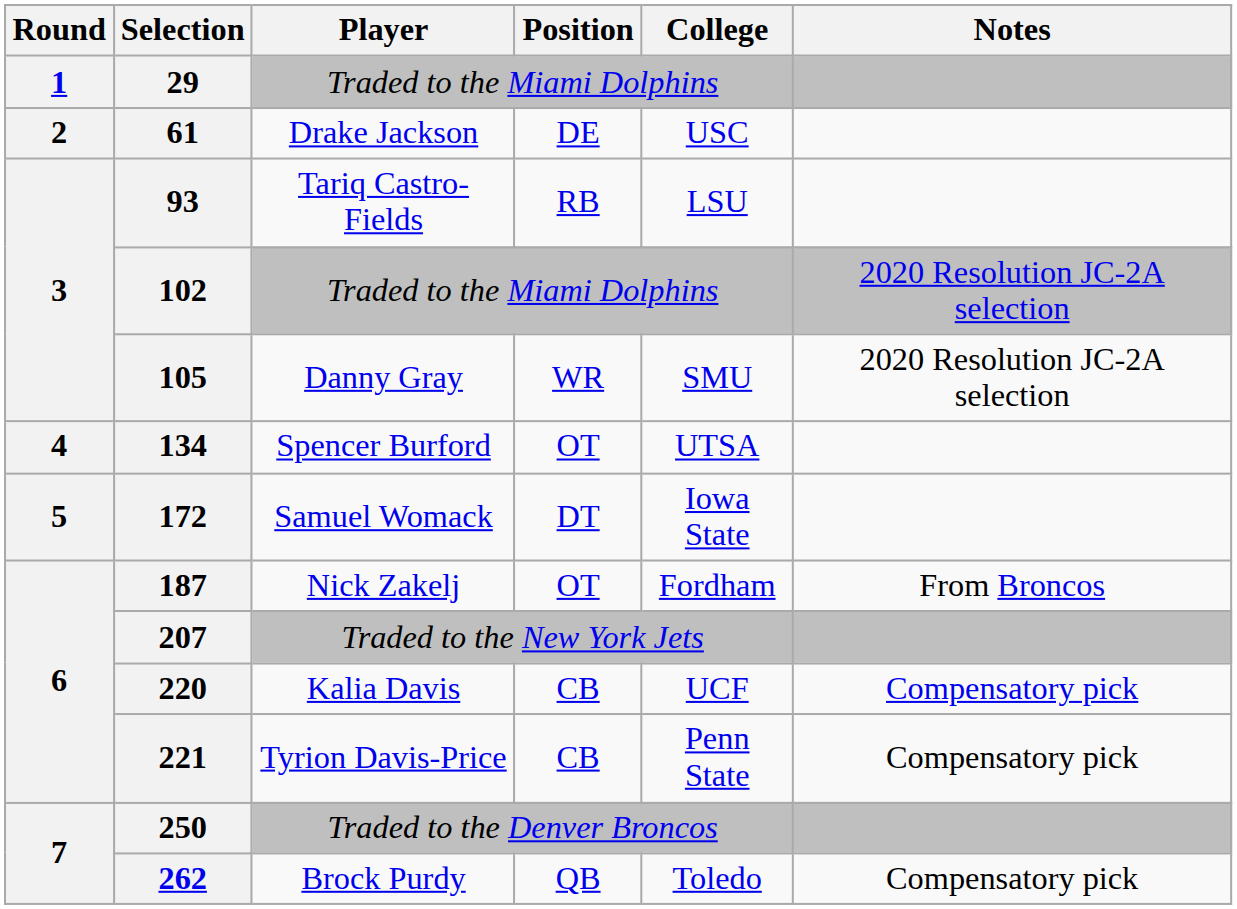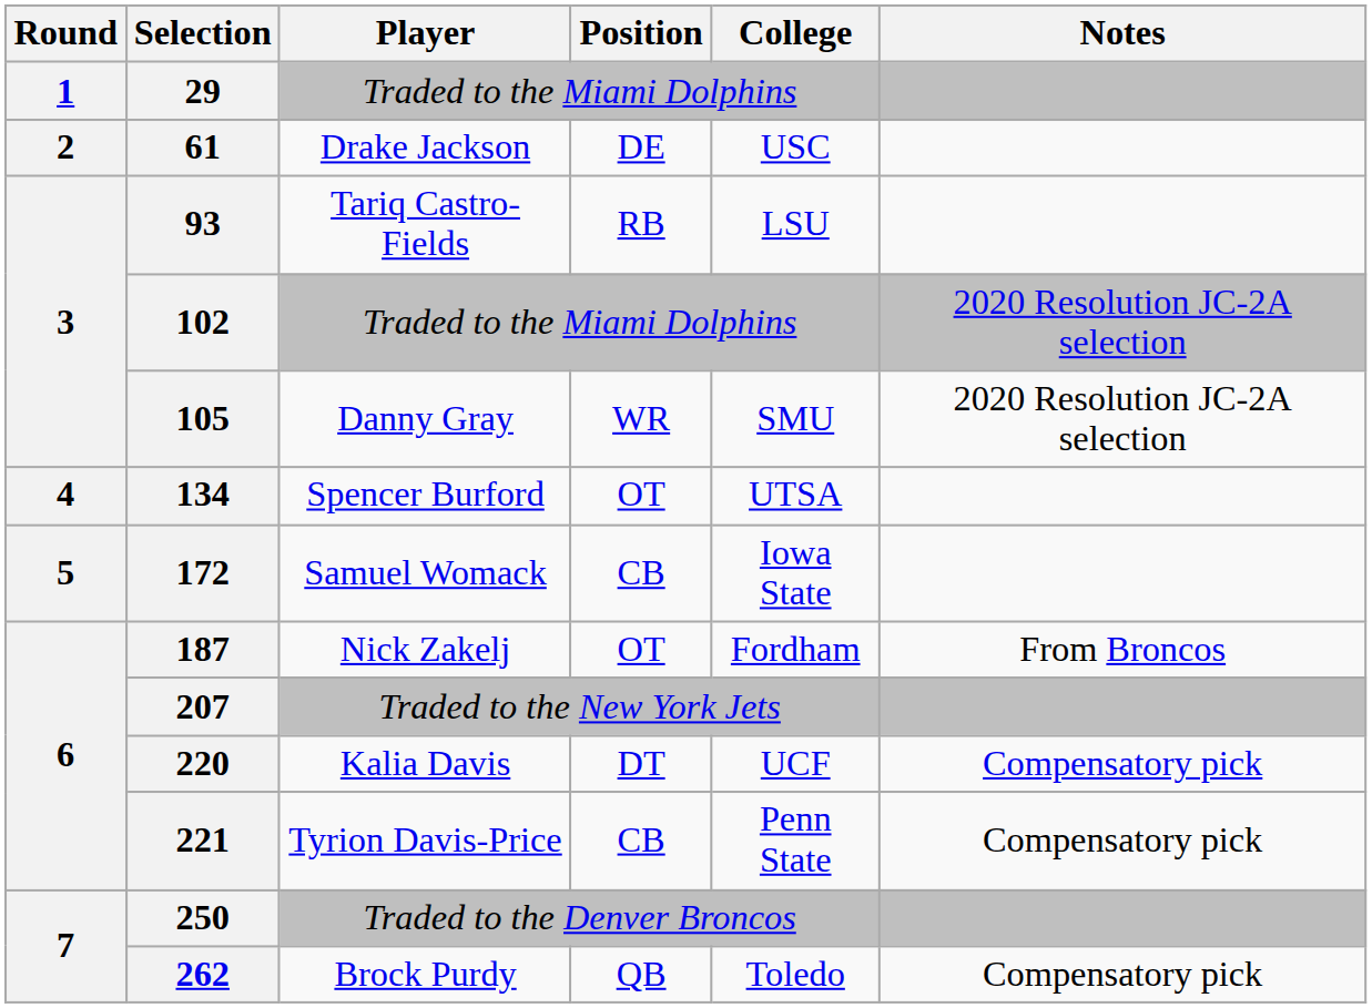 <table class="wikitable" style="text-align:center">
 <tr>
 <th>Round</th>
 <th>Selection</th>
 <th>Player</th>
 <th>Position</th>
 <th>College</th>
 <th>Notes</th>
 </tr>
 <tr>
 <th><a href='#'>1</a></th>
 <th>29</th>
 <td colspan="3" style="background:#BFBFBF"><em>Traded to the <a href='#'>Miami Dolphins</a></em></td>
 <td style="background:#BFBFBF"></td>
 </tr>
 <tr>
 <th>2</th>
 <th>61</th>
 <td><a href='#'>Drake Jackson</a></td>
 <td><a href='#'>DE</a></td>
 <td><a href='#'>USC</a></td>
 <td></td>
 </tr>
 <tr>
 <th rowspan="3">3</th>
 <th>93</th>
 <td><a href='#'>Tariq Castro-Fields</a></td>
 <td><a href='#'>RB</a></td>
 <td><a href='#'>LSU</a></td>
 <td></td>
 </tr>
 <tr>
 <th>102</th>
 <td colspan="3" style="background:#BFBFBF"><em>Traded to the <a href='#'>Miami Dolphins</a></em></td>
 <td style="background:#BFBFBF"><a href='#'>2020 Resolution JC-2A selection</a></td>
 </tr>
 <tr>
 <th>105</th>
 <td><a href='#'>Danny Gray</a></td>
 <td><a href='#'>WR</a></td>
 <td><a href='#'>SMU</a></td>
 <td>2020 Resolution JC-2A selection</td>
 </tr>
 <tr>
 <th>4</th>
 <th>134</th>
 <td><a href='#'>Spencer Burford</a></td>
 <td><a href='#'>OT</a></td>
 <td><a href='#'>UTSA</a></td>
 <td></td>
 </tr>
 <tr>
 <th>5</th>
 <th>172</th>
 <td><a href='#'>Samuel Womack</a></td>
-<td><a href='#'>DT</a></td>
+<td><a href='#'>CB</a></td>
 <td><a href='#'>Iowa State</a></td>
 <td></td>
 </tr>
 <tr>
 <th rowspan="4">6</th>
 <th>187</th>
 <td><a href='#'>Nick Zakelj</a></td>
 <td><a href='#'>OT</a></td>
 <td><a href='#'>Fordham</a></td>
 <td>From <a href='#'>Broncos</a></td>
 </tr>
 <tr>
 <th>207</th>
 <td colspan="3" style="background:#BFBFBF"><em>Traded to the <a href='#'>New York Jets</a></em></td>
 <td style="background:#BFBFBF"></td>
 </tr>
 <tr>
 <th>220</th>
 <td><a href='#'>Kalia Davis</a></td>
-<td><a href='#'>CB</a></td>
+<td><a href='#'>DT</a></td>
 <td><a href='#'>UCF</a></td>
 <td><a href='#'>Compensatory pick</a></td>
 </tr>
 <tr>
 <th>221</th>
 <td><a href='#'>Tyrion Davis-Price</a></td>
 <td><a href='#'>CB</a></td>
 <td><a href='#'>Penn State</a></td>
 <td>Compensatory pick</td>
 </tr>
 <tr>
 <th rowspan="2">7</th>
 <th>250</th>
 <td colspan="3" style="background:#BFBFBF"><em>Traded to the <a href='#'>Denver Broncos</a></em></td>
 <td style="background:#BFBFBF"></td>
 </tr>
 <tr>
 <th><a href='#'>262</a></th>
 <td><a href='#'>Brock Purdy</a></td>
 <td><a href='#'>QB</a></td>
 <td><a href='#'>Toledo</a></td>
 <td>Compensatory pick</td>
 </tr>
 </table>
